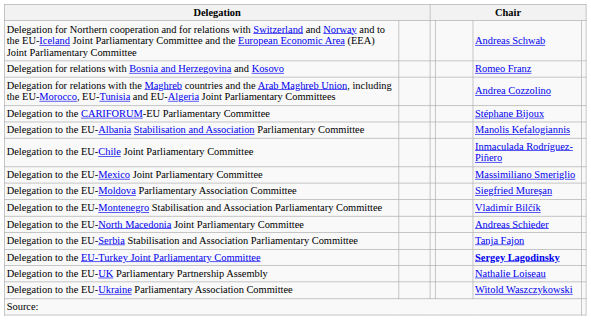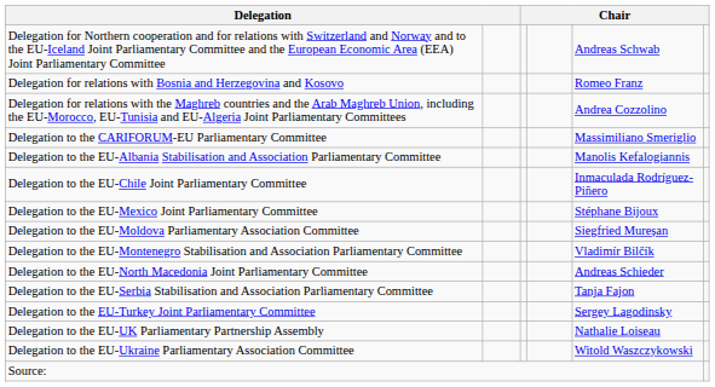 <table class="wikitable">
 <tr>
 <th colspan=2 style="width:600px">Delegation</th>
 <th colspan="5">Chair</th>
 </tr>
 <tr>
 <td style="width:600px">Delegation for Northern cooperation and for relations with <a href='#'>Switzerland</a> and <a href='#'>Norway</a> and to the EU-<a href='#'>Iceland</a> Joint Parliamentary Committee and the <a href='#'>European Economic Area</a> (EEA) Joint Parliamentary Committee</td>
 <td style="width:40px" align="center"><strong></strong></td>
 <td style="background-color:"></td>
 <td style="width:50px"><strong></strong></td>
 <td style="width:160px"><a href='#'>Andreas Schwab</a></td>
 <td></td>
 </tr>
 <tr>
 <td>Delegation for relations with <a href='#'>Bosnia and Herzegovina</a> and <a href='#'>Kosovo</a></td>
 <td align="center"><strong></strong></td>
 <td style="background:"></td>
 <td><strong></strong></td>
 <td><a href='#'>Romeo Franz</a></td>
 <td></td>
 </tr>
 <tr>
 <td style="width:600px">Delegation for relations with the <a href='#'>Maghreb</a> countries and the <a href='#'>Arab Maghreb Union</a>, including the EU-<a href='#'>Morocco</a>, EU-<a href='#'>Tunisia</a> and EU-<a href='#'>Algeria</a> Joint Parliamentary Committees</td>
 <td align="center"><strong></strong></td>
 <td style="width:1px;" style="background-color:"></td>
 <td><strong></strong></td>
 <td><a href='#'>Andrea Cozzolino</a></td>
 <td></td>
 </tr>
 <tr>
 <td>Delegation to the <a href='#'>CARIFORUM</a>-EU Parliamentary Committee</td>
 <td align="center"><strong></strong></td>
 <td style="width:1px;" style="background-color:"></td>
 <td><strong></strong></td>
-<td><a href='#'>Stéphane Bijoux</a></td>
+<td><a href='#'>Massimiliano Smeriglio</a></td>
 <td></td>
 </tr>
 <tr>
 <td>Delegation to the EU-<a href='#'>Albania</a> <a href='#'>Stabilisation and Association</a> Parliamentary Committee</td>
 <td align="center"><strong></strong></td>
 <td style="background-color:"></td>
 <td><strong></strong></td>
 <td><a href='#'>Manolis Kefalogiannis</a></td>
 <td></td>
 </tr>
 <tr>
 <td>Delegation to the EU-<a href='#'>Chile</a> Joint Parliamentary Committee</td>
 <td align="center"><strong></strong></td>
 <td style="width:1px;" style="background-color:"></td>
 <td><strong></strong></td>
 <td><a href='#'>Inmaculada Rodríguez-Piñero</a></td>
 <td></td>
 </tr>
 <tr>
 <td>Delegation to the EU-<a href='#'>Mexico</a> Joint Parliamentary Committee</td>
 <td align="center"><strong></strong></td>
 <td style="width:1px;" style="background-color:"></td>
 <td><strong></strong></td>
-<td><a href='#'>Massimiliano Smeriglio</a></td>
+<td><a href='#'>Stéphane Bijoux</a></td>
 <td></td>
 </tr>
 <tr>
 <td>Delegation to the EU-<a href='#'>Moldova</a> Parliamentary Association Committee</td>
 <td align="center"><strong></strong></td>
 <td style="background-color:"></td>
 <td><strong></strong></td>
 <td><a href='#'>Siegfried Mureșan</a></td>
 <td></td>
 </tr>
 <tr>
 <td>Delegation to the EU-<a href='#'>Montenegro</a> Stabilisation and Association Parliamentary Committee</td>
 <td align="center"><strong></strong></td>
 <td style="background-color:"></td>
 <td><strong></strong></td>
 <td><a href='#'>Vladimír Bilčík</a></td>
 <td></td>
 </tr>
 <tr>
 <td>Delegation to the EU-<a href='#'>North Macedonia</a> Joint Parliamentary Committee</td>
 <td align="center"><strong></strong></td>
 <td style="width:1px;" style="background-color:"></td>
 <td><strong></strong></td>
 <td><a href='#'>Andreas Schieder</a></td>
 <td></td>
 </tr>
 <tr>
 <td>Delegation to the EU-<a href='#'>Serbia</a> Stabilisation and Association Parliamentary Committee</td>
 <td align="center"><strong></strong></td>
 <td style="width:1px;" style="background-color:"></td>
 <td><strong></strong></td>
 <td><a href='#'>Tanja Fajon</a></td>
 <td></td>
 </tr>
 <tr>
 <td>Delegation to the <a href='#'>EU-Turkey Joint Parliamentary Committee</a></td>
 <td align="center"><strong></strong></td>
 <td style="background:"></td>
 <td><strong></strong></td>
-<td><strong><a href='#'>Sergey Lagodinsky</a></strong></td>
+<td><a href='#'>Sergey Lagodinsky</a></td>
 <td></td>
 </tr>
 <tr>
 <td>Delegation to the EU-<a href='#'>UK</a> Parliamentary Partnership Assembly</td>
 <td align="center"><strong></strong></td>
 <td style="background-color:"></td>
 <td><strong></strong></td>
 <td><a href='#'>Nathalie Loiseau</a></td>
 <td></td>
 </tr>
 <tr>
 <td>Delegation to the EU-<a href='#'>Ukraine</a> Parliamentary Association Committee</td>
 <td align="center"><strong></strong></td>
 <td style="background:"></td>
 <td><strong></strong></td>
 <td><a href='#'>Witold Waszczykowski</a></td>
 <td></td>
 </tr>
 <tr>
 <td colspan=5>Source:</td>
 <td></td>
 </tr>
 </table>
